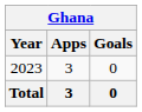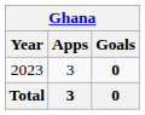 <table class=wikitable style=text-align:center>
 <tr>
 <th colspan=4><a href='#'>Ghana</a></th>
 </tr>
 <tr>
 <th>Year</th>
 <th>Apps</th>
 <th>Goals</th>
 </tr>
 <tr>
 <td>2023</td>
 <td>3</td>
-<td>0</td>
+<td><strong>0</strong></td>
 </tr>
 <tr>
 <th colspan=1>Total</th>
 <th>3</th>
 <th>0</th>
 </tr>
 </table>
